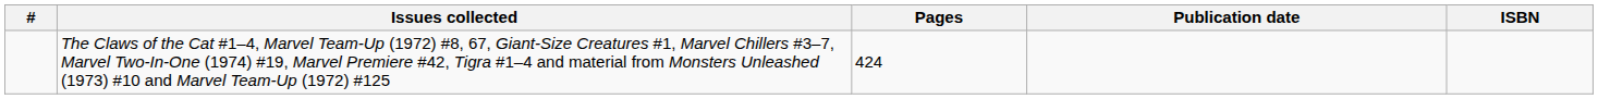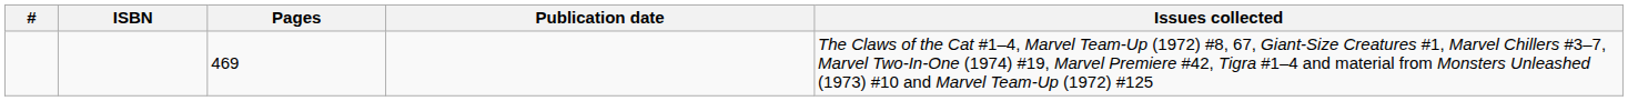 <table class="wikitable sortable" width=98%>
 <tr>
 <th class="unsortable">#</th>
-<th class="unsortable" width="50%">Issues collected</th>
+<th class="unsortable">ISBN</th>
 <th>Pages</th>
 <th>Publication date</th>
-<th class="unsortable">ISBN</th>
+<th class="unsortable" width="50%">Issues collected</th>
 </tr>
 <tr>
 <td></td>
+<td></td>
+<td>469</td>
+<td></td>
 <td><em>The Claws of the Cat</em> #1–4, <em>Marvel Team-Up</em> (1972) #8, 67, <em>Giant-Size Creatures</em> #1, <em>Marvel Chillers</em> #3–7, <em>Marvel Two-In-One</em> (1974) #19, <em>Marvel Premiere</em> #42, <em>Tigra</em> #1–4 and material from <em>Monsters Unleashed</em> (1973) #10 and <em>Marvel Team-Up</em> (1972) #125</td>
-<td>424</td>
-<td></td>
-<td></td>
 </tr>
 </table>
